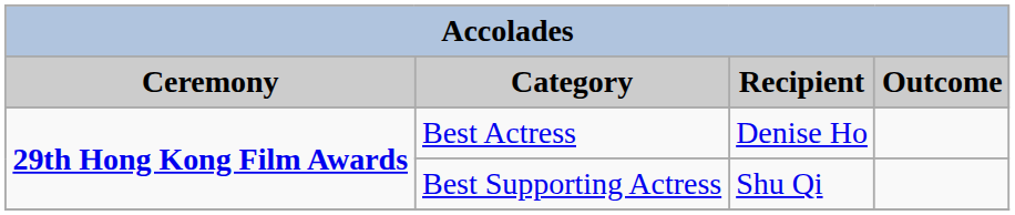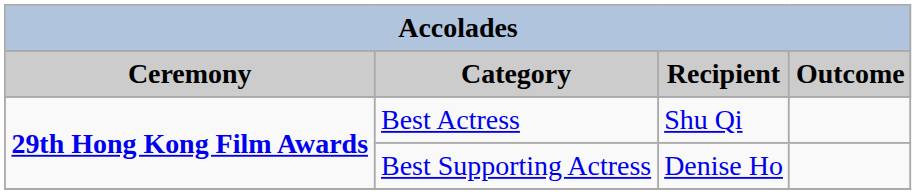 <table class="wikitable" style="font-size:95%;" ;>
 <tr style="background:#ccc; text-align:center;">
 <th colspan="4" style="background: LightSteelBlue;">Accolades</th>
 </tr>
 <tr style="background:#ccc; text-align:center;">
 <th style="background:#ccc">Ceremony</th>
 <th style="background:#ccc">Category</th>
 <th style="background:#ccc">Recipient</th>
 <th style="background:#ccc">Outcome</th>
 </tr>
 <tr>
 <td rowspan=2><strong><a href='#'>29th Hong Kong Film Awards</a></strong></td>
 <td><a href='#'>Best Actress</a></td>
-<td><a href='#'>Denise Ho</a></td>
+<td><a href='#'>Shu Qi</a></td>
 <td></td>
 </tr>
 <tr>
 <td><a href='#'>Best Supporting Actress</a></td>
-<td><a href='#'>Shu Qi</a></td>
+<td><a href='#'>Denise Ho</a></td>
 <td></td>
 </tr>
 <tr>
 </tr>
 </table>
